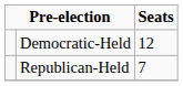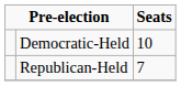 <table class= "wikitable">
 <tr>
 <td colspan= "2" rowspan= "1" align= "center" valign= "top"><strong>Pre-election</strong></td>
 <td valign= "top"><strong>Seats</strong><br></td>
 </tr>
 <tr>
 <td style="background-color:"> </td>
 <td>Democratic-Held</td>
-<td>12</td>
+<td>10</td>
 </tr>
 <tr>
 <td style="background-color:"> </td>
 <td>Republican-Held</td>
 <td>7</td>
 </tr>
 <tr>
 </tr>
 </table>
